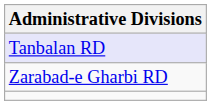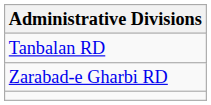 <table class="wikitable">
 <tr>
 <th>Administrative Divisions</th>
 </tr>
 <tr>
-<td style="background: lavender;"><a href='#'>Tanbalan RD</a></td>
+<td><a href='#'>Tanbalan RD</a></td>
 </tr>
 <tr>
 <td><a href='#'>Zarabad-e Gharbi RD</a></td>
 </tr>
 <tr>
 <td colspan=1></td>
 </tr>
 </table>
